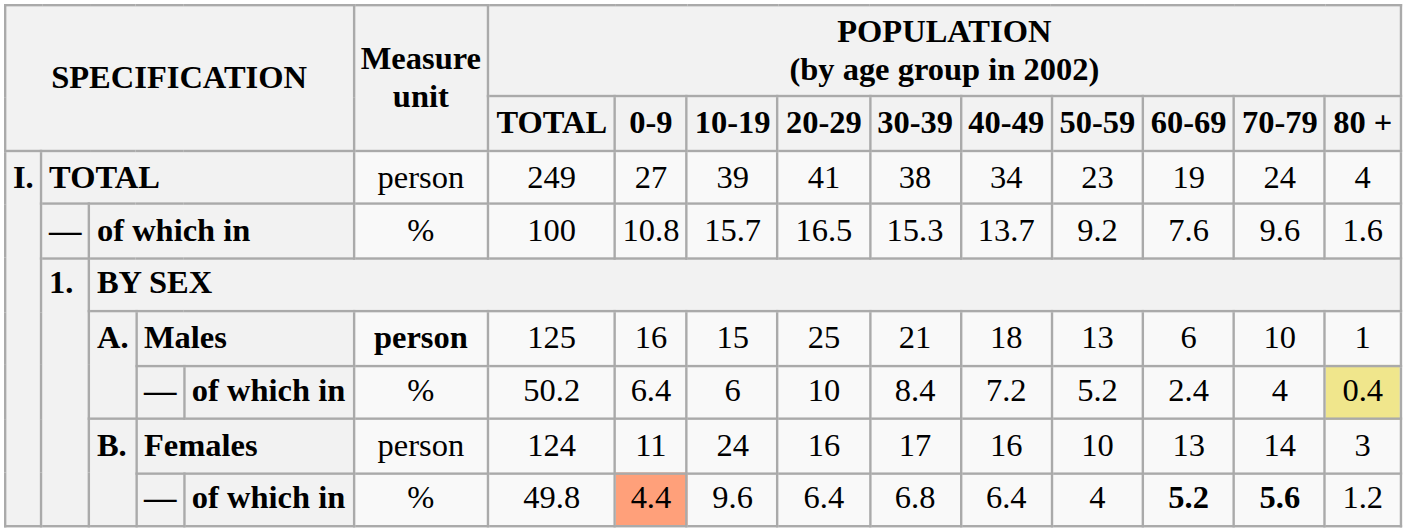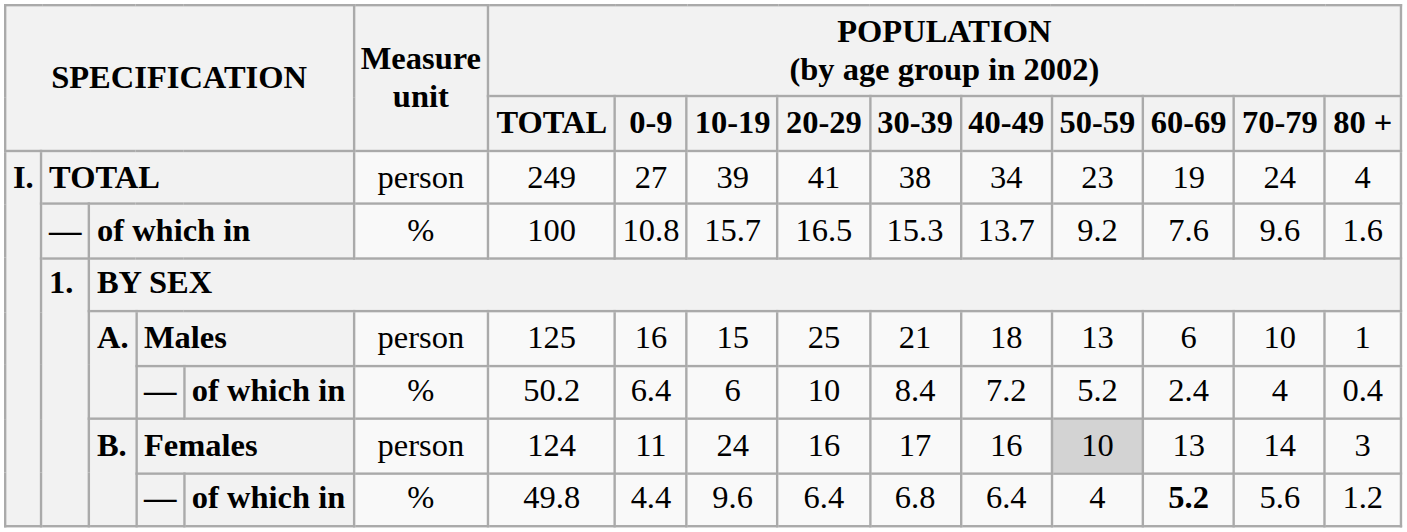 <table class="wikitable" style="font-size:85%; text-align:center">
 <tr>
 <th rowspan="2" colspan="5">SPECIFICATION</th>
 <th rowspan="2">Measure<br> unit</th>
 <th colspan="10" rowspan="1">POPULATION<br> (by age group in 2002)</th>
 </tr>
 <tr>
 <th>TOTAL</th>
 <th>0-9</th>
 <th>10-19</th>
 <th>20-29</th>
 <th>30-39</th>
 <th>40-49</th>
 <th>50-59</th>
 <th>60-69</th>
 <th>70-79</th>
 <th>80 +</th>
 </tr>
 <tr>
 <th style="text-align:left" valign="top" rowspan="7">I.</th>
 <th style="text-align:left" colspan="4">TOTAL</th>
 <td>person</td>
 <td>249</td>
 <td>27</td>
 <td>39</td>
 <td>41</td>
 <td>38</td>
 <td>34</td>
 <td>23</td>
 <td>19</td>
 <td>24</td>
 <td>4</td>
 </tr>
 <tr>
 <th style="text-align:left" valign="top">—</th>
 <th style="text-align:left" colspan="3">of which in</th>
 <td>%</td>
 <td>100</td>
 <td>10.8</td>
 <td>15.7</td>
 <td>16.5</td>
 <td>15.3</td>
 <td>13.7</td>
 <td>9.2</td>
 <td>7.6</td>
 <td>9.6</td>
 <td>1.6</td>
 </tr>
 <tr>
 <th style="text-align:left" valign="top" rowspan="5">1.</th>
 <th style="text-align:left" colspan="14">BY SEX</th>
 </tr>
 <tr>
 <th style="text-align:left" valign="top" rowspan="2">A.</th>
 <th style="text-align:left" colspan="2">Males</th>
-<td><strong>person</strong></td>
+<td>person</td>
 <td>125</td>
 <td>16</td>
 <td>15</td>
 <td>25</td>
 <td>21</td>
 <td>18</td>
 <td>13</td>
 <td>6</td>
 <td>10</td>
 <td>1</td>
 </tr>
 <tr>
 <th style="text-align:left" valign="top">—</th>
 <th style="text-align:left" colspan="1">of which in</th>
 <td>%</td>
 <td>50.2</td>
 <td>6.4</td>
 <td>6</td>
 <td>10</td>
 <td>8.4</td>
 <td>7.2</td>
 <td>5.2</td>
 <td>2.4</td>
 <td>4</td>
-<td style="background: khaki;">0.4</td>
+<td>0.4</td>
 </tr>
 <tr>
 <th style="text-align:left" valign="top" rowspan="2">B.</th>
 <th style="text-align:left" colspan="2">Females</th>
 <td>person</td>
 <td>124</td>
 <td>11</td>
 <td>24</td>
 <td>16</td>
 <td>17</td>
 <td>16</td>
-<td>10</td>
+<td style="background: lightgrey;">10</td>
 <td>13</td>
 <td>14</td>
 <td>3</td>
 </tr>
 <tr>
 <th style="text-align:left" valign="top">—</th>
 <th style="text-align:left" colspan="1">of which in</th>
 <td>%</td>
 <td>49.8</td>
-<td style="background: lightsalmon;">4.4</td>
+<td>4.4</td>
 <td>9.6</td>
 <td>6.4</td>
 <td>6.8</td>
 <td>6.4</td>
 <td>4</td>
 <td><strong>5.2</strong></td>
-<td><strong>5.6</strong></td>
+<td>5.6</td>
 <td>1.2</td>
 </tr>
 </table>
